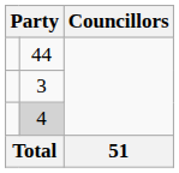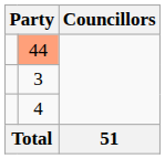 <table class="wikitable">
 <tr>
 <th colspan=2>Party</th>
 <th>Councillors</th>
 </tr>
 <tr>
 <td></td>
-<td align=center>44</td>
+<td align=center style="background: lightsalmon;">44</td>
 </tr>
 <tr>
 <td></td>
 <td align=center>3</td>
 </tr>
 <tr>
 <td></td>
-<td align=center style="background: lightgrey;">4</td>
+<td align=center>4</td>
 </tr>
 <tr>
 <th colspan=2>Total</th>
 <th>51</th>
 </tr>
 </table>
